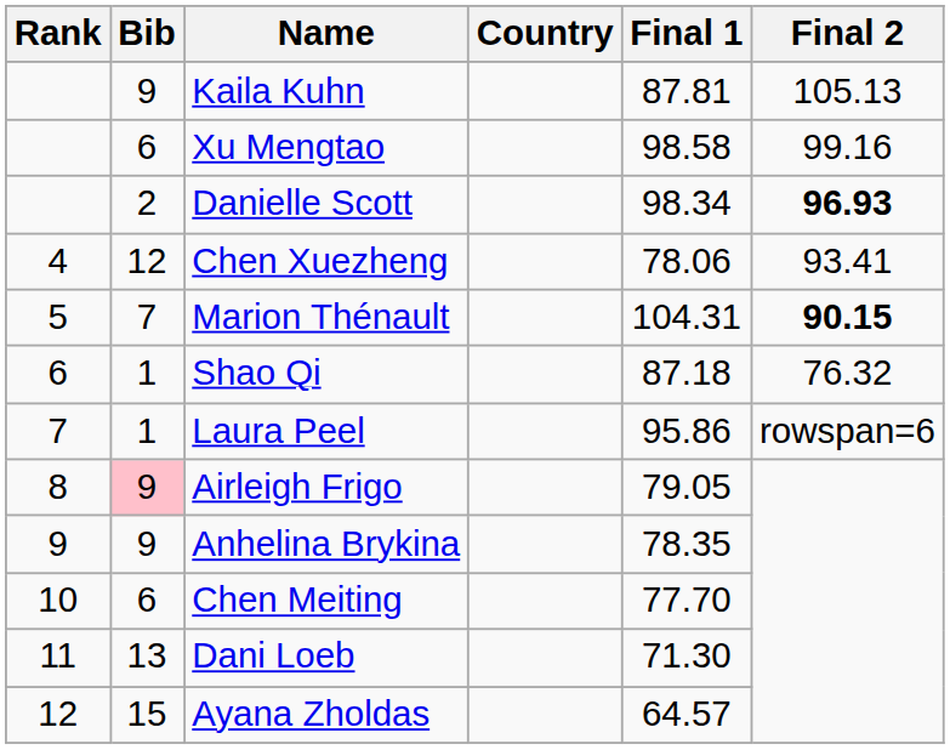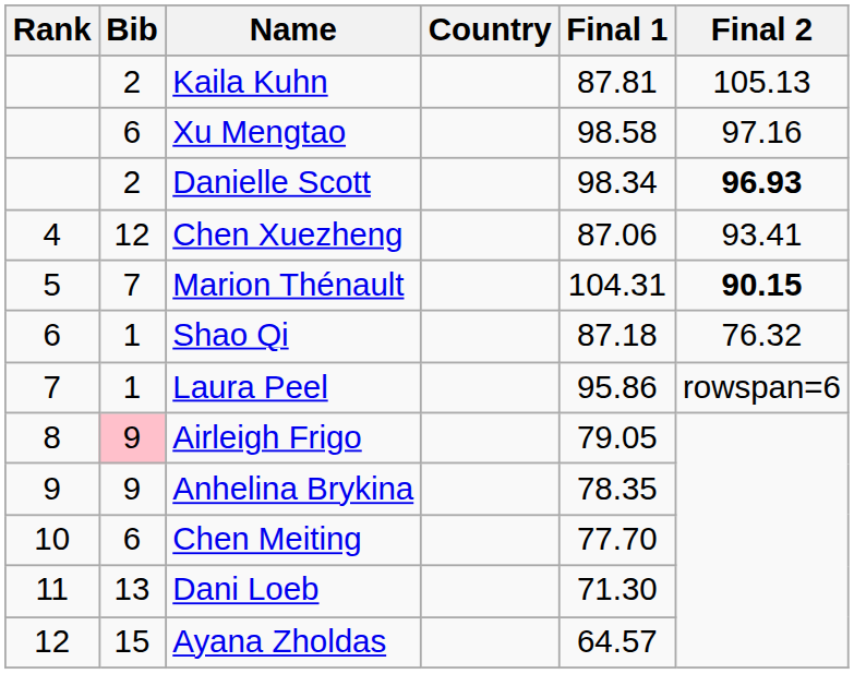 <table class="wikitable sortable" style="text-align:center">
 <tr>
 <th>Rank</th>
 <th>Bib</th>
 <th>Name</th>
 <th>Country</th>
 <th>Final 1</th>
 <th>Final 2</th>
 </tr>
 <tr>
 <td></td>
-<td>9</td>
+<td>2</td>
 <td align=left><a href='#'>Kaila Kuhn</a></td>
 <td align=left></td>
 <td>87.81</td>
 <td>105.13</td>
 </tr>
 <tr>
 <td></td>
 <td>6</td>
 <td align=left><a href='#'>Xu Mengtao</a></td>
 <td align=left></td>
 <td>98.58</td>
-<td>99.16</td>
+<td>97.16</td>
 </tr>
 <tr>
 <td></td>
 <td>2</td>
 <td align=left><a href='#'>Danielle Scott</a></td>
 <td align=left></td>
 <td>98.34</td>
 <td><strong>96.93</strong></td>
 </tr>
 <tr>
 <td>4</td>
 <td>12</td>
 <td align=left><a href='#'>Chen Xuezheng</a></td>
 <td align=left></td>
-<td>78.06</td>
+<td>87.06</td>
 <td>93.41</td>
 </tr>
 <tr>
 <td>5</td>
 <td>7</td>
 <td align=left><a href='#'>Marion Thénault</a></td>
 <td align=left></td>
 <td>104.31</td>
 <td><strong>90.15</strong></td>
 </tr>
 <tr>
 <td>6</td>
 <td>1</td>
 <td align=left><a href='#'>Shao Qi</a></td>
 <td align=left></td>
 <td>87.18</td>
 <td>76.32</td>
 </tr>
 <tr>
 <td>7</td>
 <td>1</td>
 <td align=left><a href='#'>Laura Peel</a></td>
 <td align=left></td>
 <td>95.86</td>
 <td>rowspan=6</td>
 </tr>
 <tr>
 <td>8</td>
 <td style="background: pink;">9</td>
 <td align=left><a href='#'>Airleigh Frigo</a></td>
 <td align=left></td>
 <td>79.05</td>
 </tr>
 <tr>
 <td>9</td>
 <td>9</td>
 <td align=left><a href='#'>Anhelina Brykina</a></td>
 <td align=left></td>
 <td>78.35</td>
 </tr>
 <tr>
 <td>10</td>
 <td>6</td>
 <td align=left><a href='#'>Chen Meiting</a></td>
 <td align=left></td>
 <td>77.70</td>
 </tr>
 <tr>
 <td>11</td>
 <td>13</td>
 <td align=left><a href='#'>Dani Loeb</a></td>
 <td align=left></td>
 <td>71.30</td>
 </tr>
 <tr>
 <td>12</td>
 <td>15</td>
 <td align=left><a href='#'>Ayana Zholdas</a></td>
 <td align=left></td>
 <td>64.57</td>
 </tr>
 </table>
